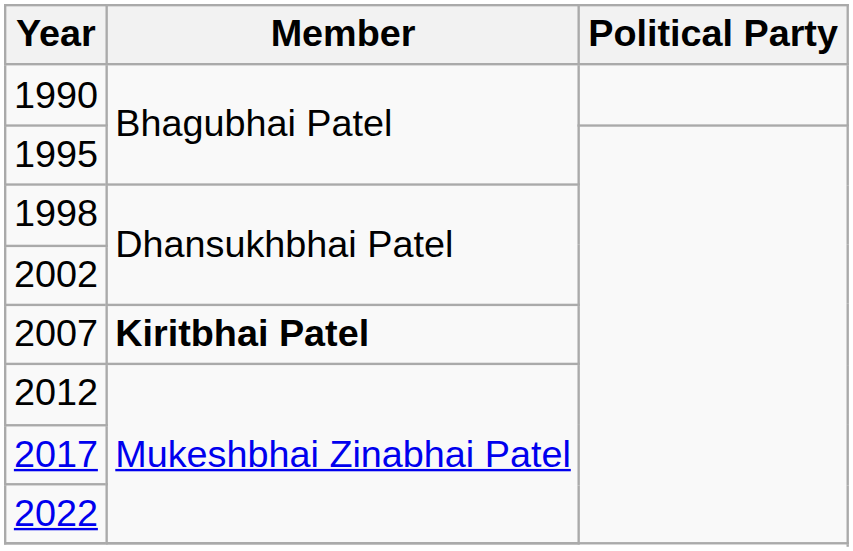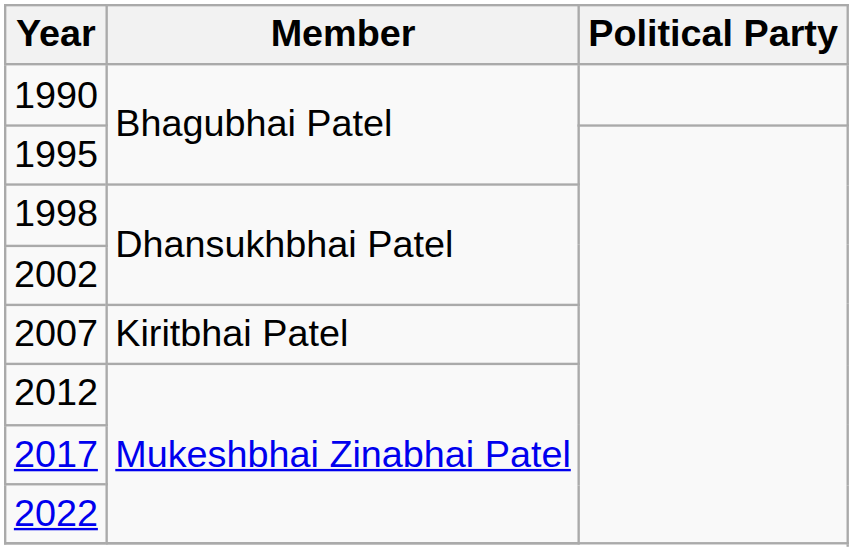 <table class="wikitable sortable">
 <tr>
 <th>Year</th>
 <th>Member</th>
 <th colspan="2">Political Party</th>
 </tr>
 <tr>
 <td>1990</td>
 <td rowspan=2>Bhagubhai Patel</td>
 <td></td>
 </tr>
 <tr>
 <td>1995</td>
 </tr>
 <tr>
 <td>1998</td>
 <td rowspan=2>Dhansukhbhai Patel</td>
 </tr>
 <tr>
 <td>2002</td>
 </tr>
 <tr>
 <td>2007</td>
-<td><strong>Kiritbhai Patel</strong></td>
+<td>Kiritbhai Patel</td>
 </tr>
 <tr>
 <td>2012</td>
 <td rowspan=3><a href='#'>Mukeshbhai Zinabhai Patel</a></td>
 </tr>
 <tr>
 <td><a href='#'>2017</a></td>
 </tr>
 <tr>
 <td><a href='#'>2022</a></td>
 </tr>
 <tr>
 </tr>
 </table>
